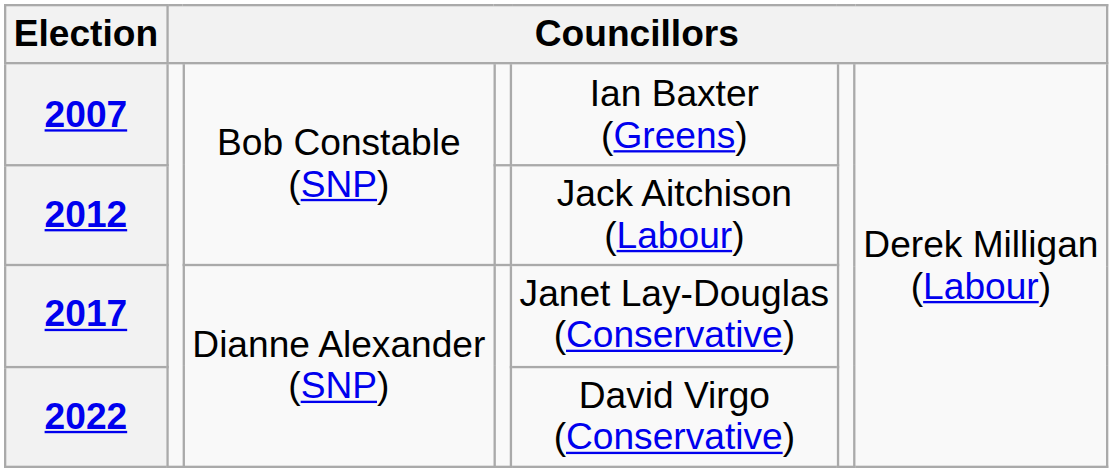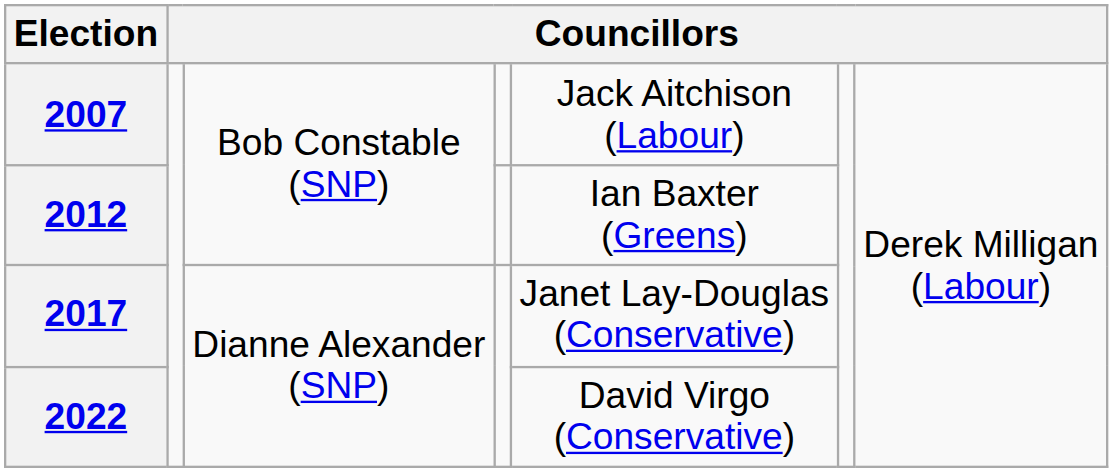 <table class="wikitable" style="text-align:center">
 <tr>
 <th>Election</th>
 <th colspan=8>Councillors</th>
 </tr>
 <tr>
 <th><a href='#'>2007</a></th>
 <td rowspan=4; style="background-color: "></td>
 <td rowspan=2>Bob Constable<br>(<a href='#'>SNP</a>)</td>
 <td rowspan=1; style="background-color: "></td>
-<td rowspan=1>Ian Baxter<br>(<a href='#'>Greens</a>)</td>
+<td rowspan=1>Jack Aitchison<br>(<a href='#'>Labour</a>)</td>
 <td rowspan=4; style="background-color: "></td>
 <td rowspan=4>Derek Milligan<br>(<a href='#'>Labour</a>)</td>
 </tr>
 <tr>
 <th><a href='#'>2012</a></th>
 <td rowspan=1; style="background-color: "></td>
-<td rowspan=1>Jack Aitchison<br>(<a href='#'>Labour</a>)</td>
+<td rowspan=1>Ian Baxter<br>(<a href='#'>Greens</a>)</td>
 </tr>
 <tr>
 <th><a href='#'>2017</a></th>
 <td rowspan=2>Dianne Alexander<br>(<a href='#'>SNP</a>)</td>
 <td rowspan=2; style="background-color: "></td>
 <td rowspan=1>Janet Lay-Douglas<br>(<a href='#'>Conservative</a>)</td>
 </tr>
 <tr>
 <th><a href='#'>2022</a></th>
 <td rowspan=1>David Virgo<br>(<a href='#'>Conservative</a>)</td>
 </tr>
 </table>
